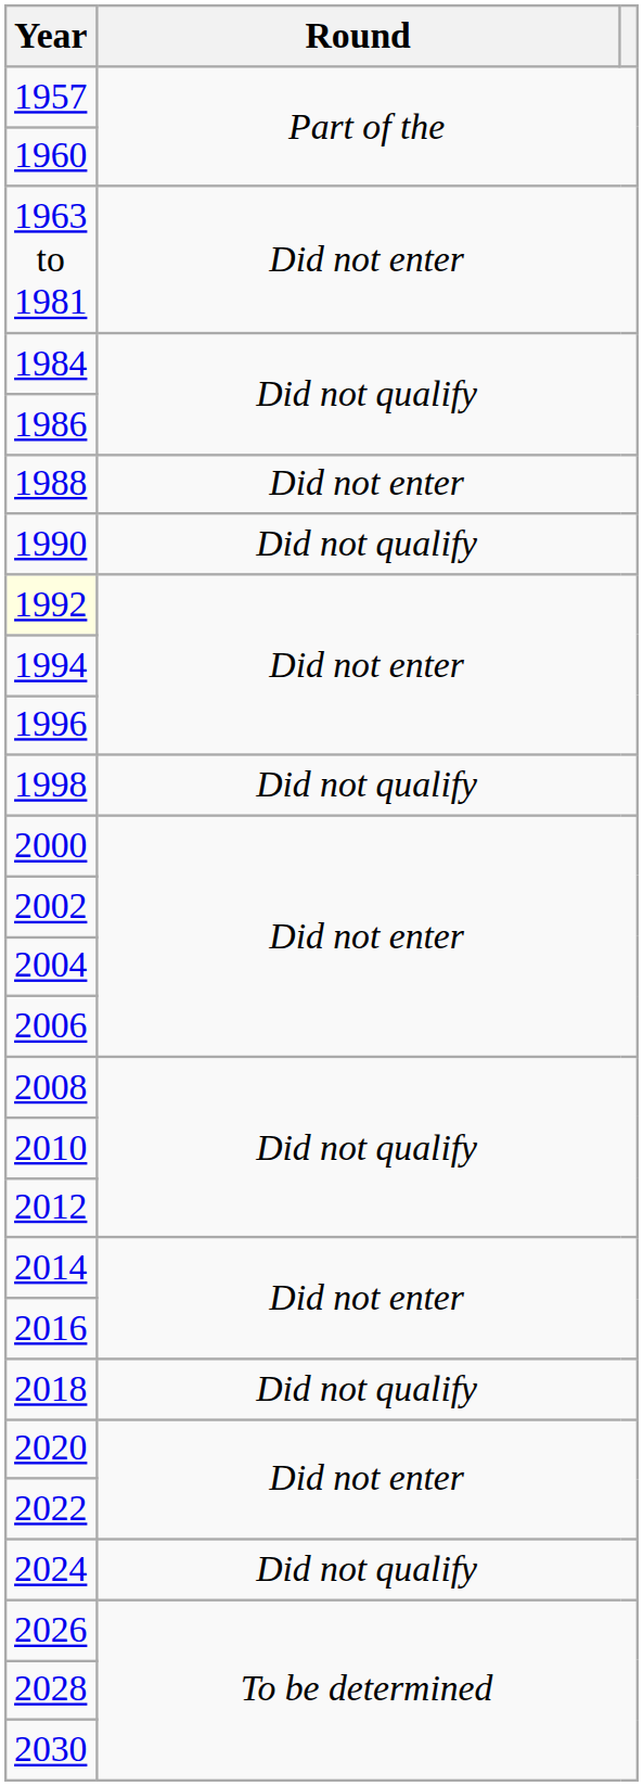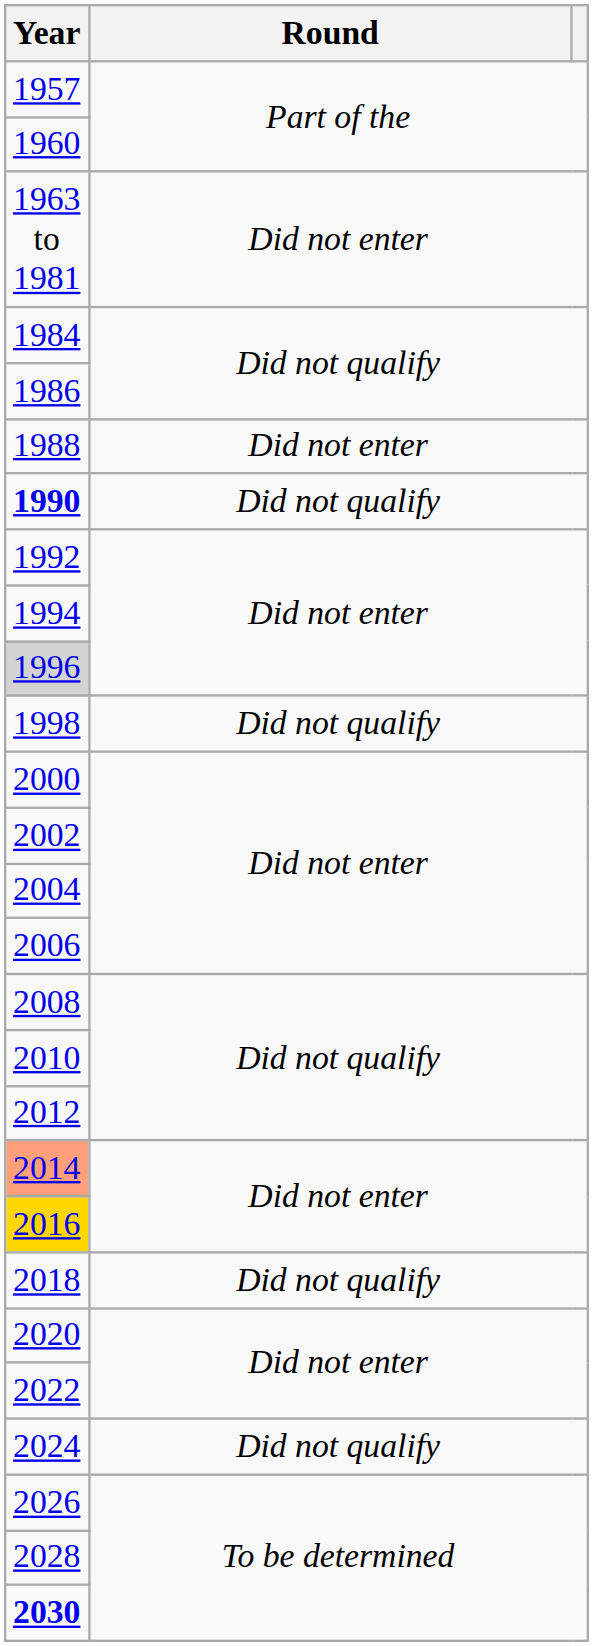 <table class="wikitable" style="text-align: center; font-size:90%">
 <tr>
 <th>Year</th>
 <th style="width:200px">Round</th>
 <th></th>
 </tr>
 <tr>
 <td><a href='#'>1957</a></td>
 <td colspan="2" rowspan="2"><em>Part of the </em></td>
 </tr>
 <tr>
 <td><a href='#'>1960</a></td>
 </tr>
 <tr>
 <td><a href='#'>1963</a><br>to<br><a href='#'>1981</a></td>
 <td colspan="2"><em>Did not enter</em></td>
 </tr>
 <tr>
 <td><a href='#'>1984</a></td>
 <td colspan="2" rowspan="2"><em>Did not qualify</em></td>
 </tr>
 <tr>
 <td><a href='#'>1986</a></td>
 </tr>
 <tr>
 <td><a href='#'>1988</a></td>
 <td colspan="2"><em>Did not enter</em></td>
 </tr>
 <tr>
-<td><a href='#'>1990</a></td>
+<td><strong><a href='#'>1990</a></strong></td>
 <td colspan="2"><em>Did not qualify</em></td>
 </tr>
 <tr>
-<td style="background: lightyellow;"><a href='#'>1992</a></td>
+<td><a href='#'>1992</a></td>
 <td colspan="2" rowspan="3"><em>Did not enter</em></td>
 </tr>
 <tr>
 <td><a href='#'>1994</a></td>
 </tr>
 <tr>
-<td><a href='#'>1996</a></td>
+<td style="background: lightgrey;"><a href='#'>1996</a></td>
 </tr>
 <tr>
 <td><a href='#'>1998</a></td>
 <td colspan="2"><em>Did not qualify</em></td>
 </tr>
 <tr>
 <td><a href='#'>2000</a></td>
 <td colspan="2" rowspan="4"><em>Did not enter</em></td>
 </tr>
 <tr>
 <td><a href='#'>2002</a></td>
 </tr>
 <tr>
 <td><a href='#'>2004</a></td>
 </tr>
 <tr>
 <td><a href='#'>2006</a></td>
 </tr>
 <tr>
 <td><a href='#'>2008</a></td>
 <td colspan="2" rowspan="3"><em>Did not qualify</em></td>
 </tr>
 <tr>
 <td><a href='#'>2010</a></td>
 </tr>
 <tr>
 <td><a href='#'>2012</a></td>
 </tr>
 <tr>
-<td><a href='#'>2014</a></td>
+<td style="background: lightsalmon;"><a href='#'>2014</a></td>
 <td colspan="2" rowspan="2"><em>Did not enter</em></td>
 </tr>
 <tr>
-<td><a href='#'>2016</a></td>
+<td style="background: gold;"><a href='#'>2016</a></td>
 </tr>
 <tr>
 <td><a href='#'>2018</a></td>
 <td colspan="2"><em>Did not qualify</em></td>
 </tr>
 <tr>
 <td><a href='#'>2020</a></td>
 <td colspan="2" rowspan="2"><em>Did not enter</em></td>
 </tr>
 <tr>
 <td><a href='#'>2022</a></td>
 </tr>
 <tr>
 <td><a href='#'>2024</a></td>
 <td colspan="2"><em>Did not qualify</em></td>
 </tr>
 <tr>
 <td><a href='#'>2026</a></td>
 <td colspan="2" rowspan="3"><em>To be determined</em></td>
 </tr>
 <tr>
 <td><a href='#'>2028</a></td>
 </tr>
 <tr>
-<td><a href='#'>2030</a></td>
+<td><strong><a href='#'>2030</a></strong></td>
 </tr>
 </table>
